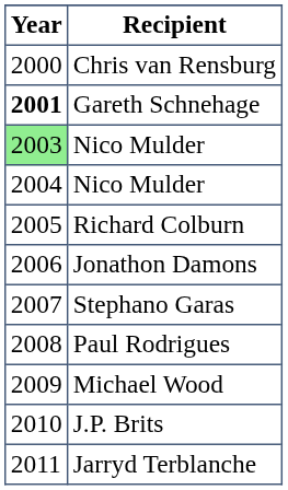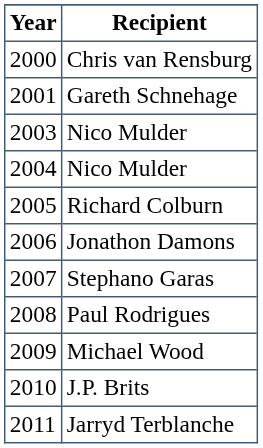 <table cellpadding="3" cellspacing="4" border="1" style="border:#435877 solid 1px; border-collapse: collapse;">
 <tr bgcolor="#d1e4fd">
 </tr>
 <tr>
 <th><strong>Year</strong></th>
 <th><strong>Recipient</strong></th>
 </tr>
 <tr>
 <td>2000</td>
 <td>Chris van Rensburg</td>
 </tr>
 <tr>
-<td><strong>2001</strong></td>
+<td>2001</td>
 <td>Gareth Schnehage</td>
 </tr>
 <tr>
-<td style="background: lightgreen;">2003</td>
+<td>2003</td>
 <td>Nico Mulder</td>
 </tr>
 <tr>
 <td>2004</td>
 <td>Nico Mulder</td>
 </tr>
 <tr>
 <td>2005</td>
 <td>Richard Colburn</td>
 </tr>
 <tr>
 <td>2006</td>
 <td>Jonathon Damons</td>
 </tr>
 <tr>
 <td>2007</td>
 <td>Stephano Garas</td>
 </tr>
 <tr>
 <td>2008</td>
 <td>Paul Rodrigues</td>
 </tr>
 <tr>
 <td>2009</td>
 <td>Michael Wood</td>
 </tr>
 <tr>
 <td>2010</td>
 <td>J.P. Brits</td>
 </tr>
 <tr>
 <td>2011</td>
 <td>Jarryd Terblanche</td>
 </tr>
 </table>
